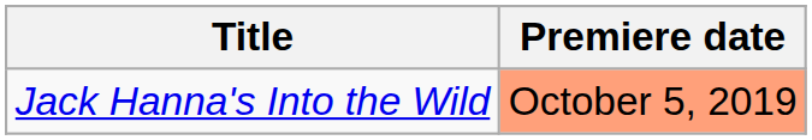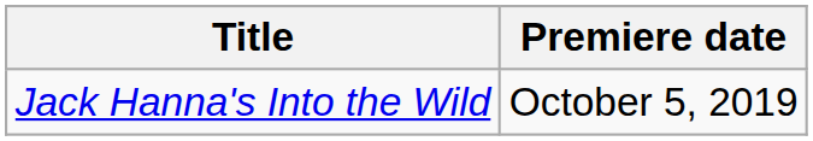 <table class="wikitable sortable">
 <tr>
 <th>Title</th>
 <th>Premiere date</th>
 </tr>
 <tr>
 <td><em><a href='#'>Jack Hanna's Into the Wild</a></em></td>
-<td style="background: lightsalmon;">October 5, 2019</td>
+<td>October 5, 2019</td>
 </tr>
 </table>
